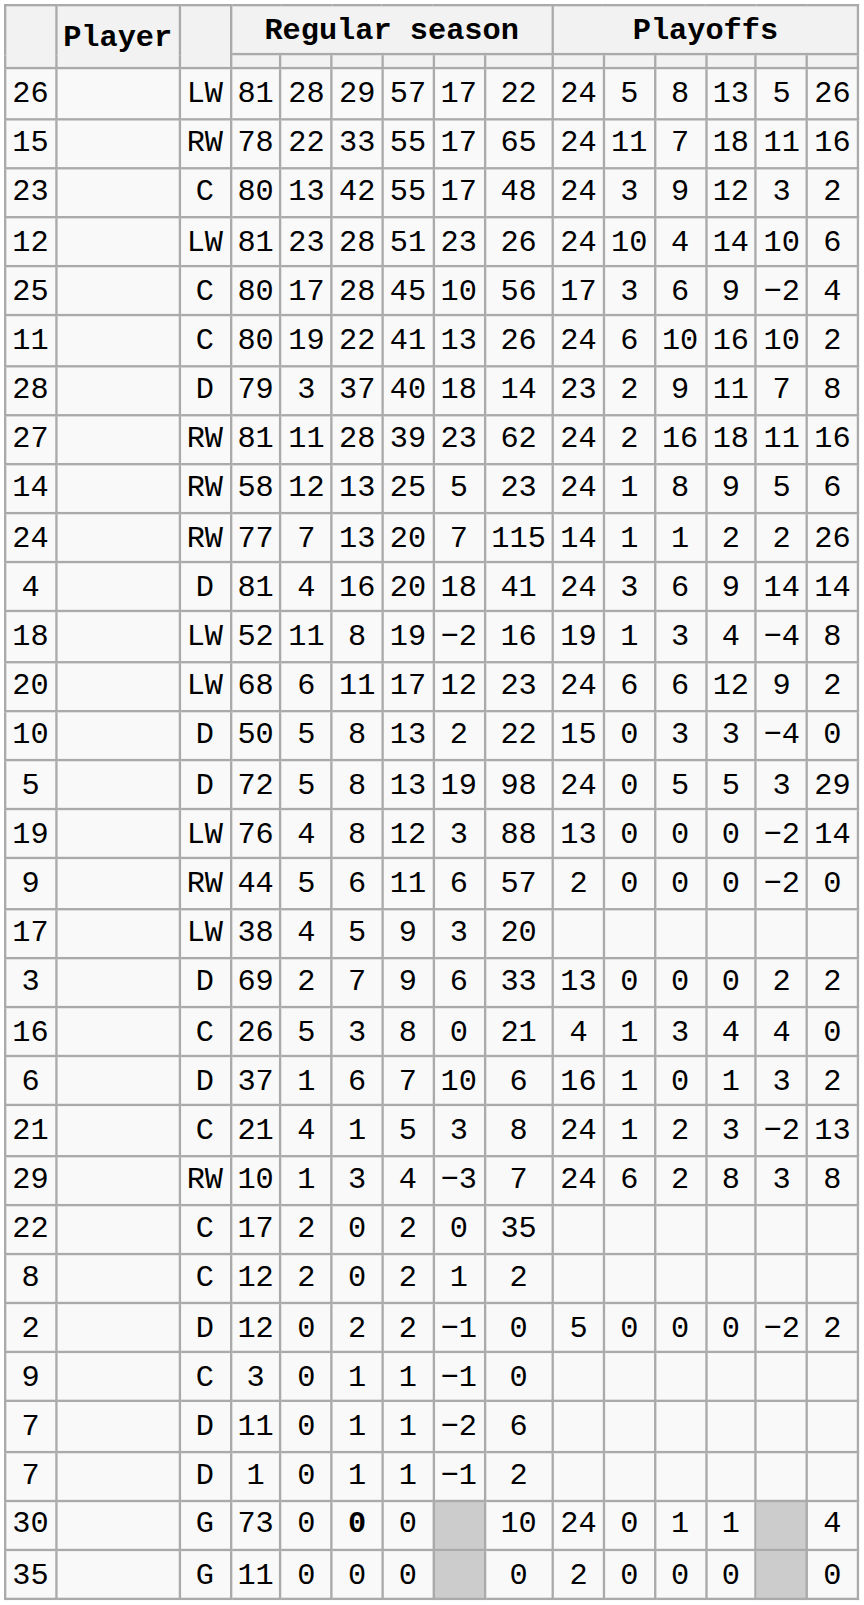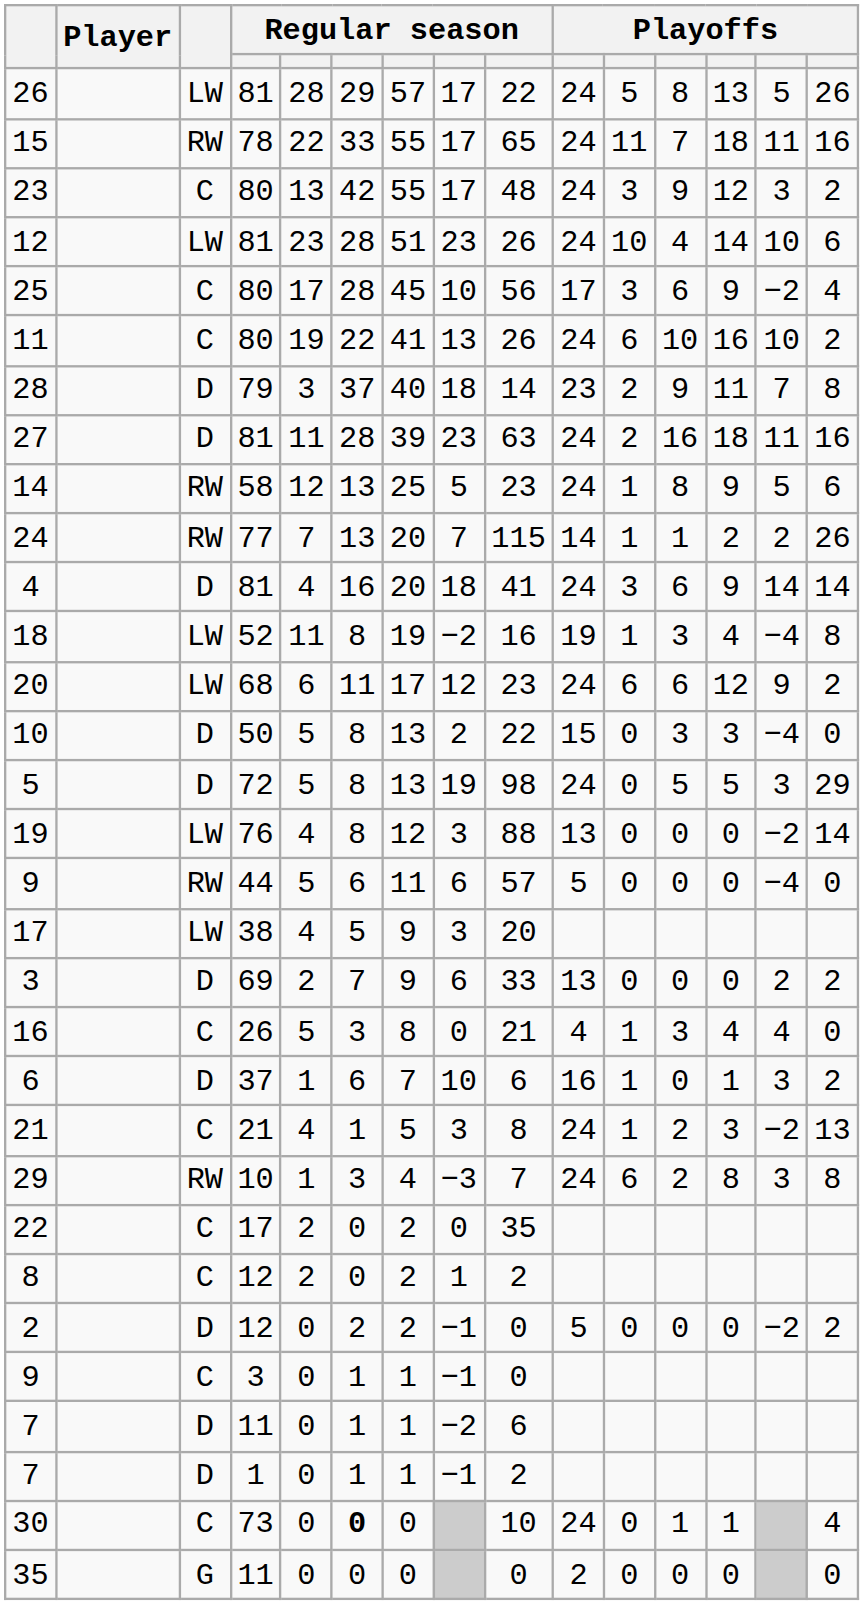 <table class="wikitable sortable plainrowheaders" style="text-align:center;">
 <tr>
 <th scope="col" data-sort-type="number" rowspan="2"></th>
 <th scope="col" rowspan="2">Player</th>
 <th scope="col" rowspan="2"></th>
 <th scope=colgroup colspan=6>Regular season</th>
 <th scope=colgroup colspan=6>Playoffs</th>
 </tr>
 <tr>
 <th scope="col" data-sort-type="number"></th>
 <th scope="col" data-sort-type="number"></th>
 <th scope="col" data-sort-type="number"></th>
 <th scope="col" data-sort-type="number"></th>
 <th scope="col" data-sort-type="number"></th>
 <th scope="col" data-sort-type="number"></th>
 <th scope="col" data-sort-type="number"></th>
 <th scope="col" data-sort-type="number"></th>
 <th scope="col" data-sort-type="number"></th>
 <th scope="col" data-sort-type="number"></th>
 <th scope="col" data-sort-type="number"></th>
 <th scope="col" data-sort-type="number"></th>
 </tr>
 <tr>
 <td scope="row">26</td>
 <td align="left"></td>
 <td>LW</td>
 <td>81</td>
 <td>28</td>
 <td>29</td>
 <td>57</td>
 <td>17</td>
 <td>22</td>
 <td>24</td>
 <td>5</td>
 <td>8</td>
 <td>13</td>
 <td>5</td>
 <td>26</td>
 </tr>
 <tr>
 <td scope="row">15</td>
 <td align="left"></td>
 <td>RW</td>
 <td>78</td>
 <td>22</td>
 <td>33</td>
 <td>55</td>
 <td>17</td>
 <td>65</td>
 <td>24</td>
 <td>11</td>
 <td>7</td>
 <td>18</td>
 <td>11</td>
 <td>16</td>
 </tr>
 <tr>
 <td scope="row">23</td>
 <td align="left"></td>
 <td>C</td>
 <td>80</td>
 <td>13</td>
 <td>42</td>
 <td>55</td>
 <td>17</td>
 <td>48</td>
 <td>24</td>
 <td>3</td>
 <td>9</td>
 <td>12</td>
 <td>3</td>
 <td>2</td>
 </tr>
 <tr>
 <td scope="row">12</td>
 <td align="left"></td>
 <td>LW</td>
 <td>81</td>
 <td>23</td>
 <td>28</td>
 <td>51</td>
 <td>23</td>
 <td>26</td>
 <td>24</td>
 <td>10</td>
 <td>4</td>
 <td>14</td>
 <td>10</td>
 <td>6</td>
 </tr>
 <tr>
 <td scope="row">25</td>
 <td align="left"></td>
 <td>C</td>
 <td>80</td>
 <td>17</td>
 <td>28</td>
 <td>45</td>
 <td>10</td>
 <td>56</td>
 <td>17</td>
 <td>3</td>
 <td>6</td>
 <td>9</td>
 <td>−2</td>
 <td>4</td>
 </tr>
 <tr>
 <td scope="row">11</td>
 <td align="left"></td>
 <td>C</td>
 <td>80</td>
 <td>19</td>
 <td>22</td>
 <td>41</td>
 <td>13</td>
 <td>26</td>
 <td>24</td>
 <td>6</td>
 <td>10</td>
 <td>16</td>
 <td>10</td>
 <td>2</td>
 </tr>
 <tr>
 <td scope="row">28</td>
 <td align="left"></td>
 <td>D</td>
 <td>79</td>
 <td>3</td>
 <td>37</td>
 <td>40</td>
 <td>18</td>
 <td>14</td>
 <td>23</td>
 <td>2</td>
 <td>9</td>
 <td>11</td>
 <td>7</td>
 <td>8</td>
 </tr>
 <tr>
 <td scope="row">27</td>
 <td align="left"></td>
-<td>RW</td>
+<td>D</td>
 <td>81</td>
 <td>11</td>
 <td>28</td>
 <td>39</td>
 <td>23</td>
-<td>62</td>
+<td>63</td>
 <td>24</td>
 <td>2</td>
 <td>16</td>
 <td>18</td>
 <td>11</td>
 <td>16</td>
 </tr>
 <tr>
 <td scope="row">14</td>
 <td align="left"></td>
 <td>RW</td>
 <td>58</td>
 <td>12</td>
 <td>13</td>
 <td>25</td>
 <td>5</td>
 <td>23</td>
 <td>24</td>
 <td>1</td>
 <td>8</td>
 <td>9</td>
 <td>5</td>
 <td>6</td>
 </tr>
 <tr>
 <td scope="row">24</td>
 <td align="left"></td>
 <td>RW</td>
 <td>77</td>
 <td>7</td>
 <td>13</td>
 <td>20</td>
 <td>7</td>
 <td>115</td>
 <td>14</td>
 <td>1</td>
 <td>1</td>
 <td>2</td>
 <td>2</td>
 <td>26</td>
 </tr>
 <tr>
 <td scope="row">4</td>
 <td align="left"></td>
 <td>D</td>
 <td>81</td>
 <td>4</td>
 <td>16</td>
 <td>20</td>
 <td>18</td>
 <td>41</td>
 <td>24</td>
 <td>3</td>
 <td>6</td>
 <td>9</td>
 <td>14</td>
 <td>14</td>
 </tr>
 <tr>
 <td scope="row">18</td>
 <td align="left"></td>
 <td>LW</td>
 <td>52</td>
 <td>11</td>
 <td>8</td>
 <td>19</td>
 <td>−2</td>
 <td>16</td>
 <td>19</td>
 <td>1</td>
 <td>3</td>
 <td>4</td>
 <td>−4</td>
 <td>8</td>
 </tr>
 <tr>
 <td scope="row">20</td>
 <td align="left"></td>
 <td>LW</td>
 <td>68</td>
 <td>6</td>
 <td>11</td>
 <td>17</td>
 <td>12</td>
 <td>23</td>
 <td>24</td>
 <td>6</td>
 <td>6</td>
 <td>12</td>
 <td>9</td>
 <td>2</td>
 </tr>
 <tr>
 <td scope="row">10</td>
 <td align="left"></td>
 <td>D</td>
 <td>50</td>
 <td>5</td>
 <td>8</td>
 <td>13</td>
 <td>2</td>
 <td>22</td>
 <td>15</td>
 <td>0</td>
 <td>3</td>
 <td>3</td>
 <td>−4</td>
 <td>0</td>
 </tr>
 <tr>
 <td scope="row">5</td>
 <td align="left"></td>
 <td>D</td>
 <td>72</td>
 <td>5</td>
 <td>8</td>
 <td>13</td>
 <td>19</td>
 <td>98</td>
 <td>24</td>
 <td>0</td>
 <td>5</td>
 <td>5</td>
 <td>3</td>
 <td>29</td>
 </tr>
 <tr>
 <td scope="row">19</td>
 <td align="left"></td>
 <td>LW</td>
 <td>76</td>
 <td>4</td>
 <td>8</td>
 <td>12</td>
 <td>3</td>
 <td>88</td>
 <td>13</td>
 <td>0</td>
 <td>0</td>
 <td>0</td>
 <td>−2</td>
 <td>14</td>
 </tr>
 <tr>
 <td scope="row">9</td>
 <td align="left"></td>
 <td>RW</td>
 <td>44</td>
 <td>5</td>
 <td>6</td>
 <td>11</td>
 <td>6</td>
 <td>57</td>
-<td>2</td>
+<td>5</td>
 <td>0</td>
 <td>0</td>
 <td>0</td>
-<td>−2</td>
+<td>−4</td>
 <td>0</td>
 </tr>
 <tr>
 <td scope="row">17</td>
 <td align="left"></td>
 <td>LW</td>
 <td>38</td>
 <td>4</td>
 <td>5</td>
 <td>9</td>
 <td>3</td>
 <td>20</td>
 <td></td>
 <td></td>
 <td></td>
 <td></td>
 <td></td>
 <td></td>
 </tr>
 <tr>
 <td scope="row">3</td>
 <td align="left"></td>
 <td>D</td>
 <td>69</td>
 <td>2</td>
 <td>7</td>
 <td>9</td>
 <td>6</td>
 <td>33</td>
 <td>13</td>
 <td>0</td>
 <td>0</td>
 <td>0</td>
 <td>2</td>
 <td>2</td>
 </tr>
 <tr>
 <td scope="row">16</td>
 <td align="left"></td>
 <td>C</td>
 <td>26</td>
 <td>5</td>
 <td>3</td>
 <td>8</td>
 <td>0</td>
 <td>21</td>
 <td>4</td>
 <td>1</td>
 <td>3</td>
 <td>4</td>
 <td>4</td>
 <td>0</td>
 </tr>
 <tr>
 <td scope="row">6</td>
 <td align="left"></td>
 <td>D</td>
 <td>37</td>
 <td>1</td>
 <td>6</td>
 <td>7</td>
 <td>10</td>
 <td>6</td>
 <td>16</td>
 <td>1</td>
 <td>0</td>
 <td>1</td>
 <td>3</td>
 <td>2</td>
 </tr>
 <tr>
 <td scope="row">21</td>
 <td align="left"></td>
 <td>C</td>
 <td>21</td>
 <td>4</td>
 <td>1</td>
 <td>5</td>
 <td>3</td>
 <td>8</td>
 <td>24</td>
 <td>1</td>
 <td>2</td>
 <td>3</td>
 <td>−2</td>
 <td>13</td>
 </tr>
 <tr>
 <td scope="row">29</td>
 <td align="left"></td>
 <td>RW</td>
 <td>10</td>
 <td>1</td>
 <td>3</td>
 <td>4</td>
 <td>−3</td>
 <td>7</td>
 <td>24</td>
 <td>6</td>
 <td>2</td>
 <td>8</td>
 <td>3</td>
 <td>8</td>
 </tr>
 <tr>
 <td scope="row">22</td>
 <td align="left"></td>
 <td>C</td>
 <td>17</td>
 <td>2</td>
 <td>0</td>
 <td>2</td>
 <td>0</td>
 <td>35</td>
 <td></td>
 <td></td>
 <td></td>
 <td></td>
 <td></td>
 <td></td>
 </tr>
 <tr>
 <td scope="row">8</td>
 <td align="left"></td>
 <td>C</td>
 <td>12</td>
 <td>2</td>
 <td>0</td>
 <td>2</td>
 <td>1</td>
 <td>2</td>
 <td></td>
 <td></td>
 <td></td>
 <td></td>
 <td></td>
 <td></td>
 </tr>
 <tr>
 <td scope="row">2</td>
 <td align="left"></td>
 <td>D</td>
 <td>12</td>
 <td>0</td>
 <td>2</td>
 <td>2</td>
 <td>−1</td>
 <td>0</td>
 <td>5</td>
 <td>0</td>
 <td>0</td>
 <td>0</td>
 <td>−2</td>
 <td>2</td>
 </tr>
 <tr>
 <td scope="row">9</td>
 <td align="left"></td>
 <td>C</td>
 <td>3</td>
 <td>0</td>
 <td>1</td>
 <td>1</td>
 <td>−1</td>
 <td>0</td>
 <td></td>
 <td></td>
 <td></td>
 <td></td>
 <td></td>
 <td></td>
 </tr>
 <tr>
 <td scope="row">7</td>
 <td align="left"></td>
 <td>D</td>
 <td>11</td>
 <td>0</td>
 <td>1</td>
 <td>1</td>
 <td>−2</td>
 <td>6</td>
 <td></td>
 <td></td>
 <td></td>
 <td></td>
 <td></td>
 <td></td>
 </tr>
 <tr>
 <td scope="row">7</td>
 <td align="left"></td>
 <td>D</td>
 <td>1</td>
 <td>0</td>
 <td>1</td>
 <td>1</td>
 <td>−1</td>
 <td>2</td>
 <td></td>
 <td></td>
 <td></td>
 <td></td>
 <td></td>
 <td></td>
 </tr>
 <tr>
 <td scope="row">30</td>
 <td align="left"></td>
-<td>G</td>
+<td>C</td>
 <td>73</td>
 <td>0</td>
 <td><strong>0</strong></td>
 <td>0</td>
 <td style="background:#ccc"></td>
 <td>10</td>
 <td>24</td>
 <td>0</td>
 <td>1</td>
 <td>1</td>
 <td style="background:#ccc"></td>
 <td>4</td>
 </tr>
 <tr>
 <td scope="row">35</td>
 <td align="left"></td>
 <td>G</td>
 <td>11</td>
 <td>0</td>
 <td>0</td>
 <td>0</td>
 <td style="background:#ccc"></td>
 <td>0</td>
 <td>2</td>
 <td>0</td>
 <td>0</td>
 <td>0</td>
 <td style="background:#ccc"></td>
 <td>0</td>
 </tr>
 </table>
